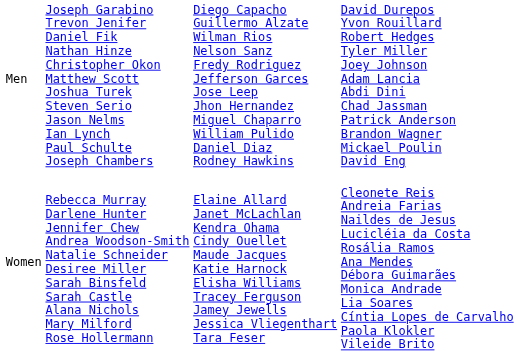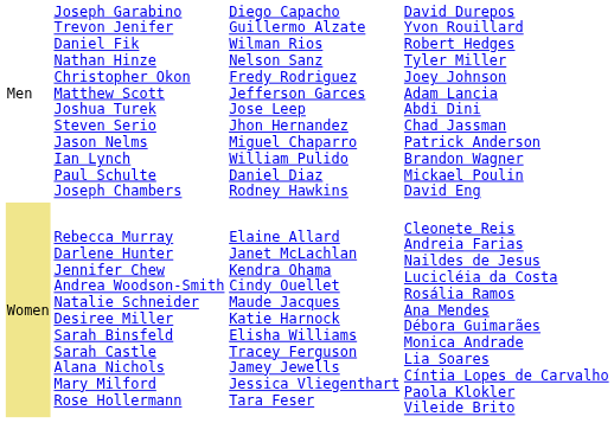 <table>
 <tr>
 <td>Men</td>
 <td><br><a href='#'>Joseph Garabino</a><br><a href='#'>Trevon Jenifer</a><br><a href='#'>Daniel Fik</a><br><a href='#'>Nathan Hinze</a><br><a href='#'>Christopher Okon</a><br><a href='#'>Matthew Scott</a><br><a href='#'>Joshua Turek</a><br><a href='#'>Steven Serio</a><br><a href='#'>Jason Nelms</a><br><a href='#'>Ian Lynch</a><br><a href='#'>Paul Schulte</a><br><a href='#'>Joseph Chambers</a></td>
 <td><br><a href='#'>Diego Capacho</a><br><a href='#'>Guillermo Alzate</a><br><a href='#'>Wilman Rios</a><br><a href='#'>Nelson Sanz</a><br><a href='#'>Fredy Rodriguez</a><br><a href='#'>Jefferson Garces</a><br><a href='#'>Jose Leep</a><br><a href='#'>Jhon Hernandez</a><br><a href='#'>Miguel Chaparro</a><br><a href='#'>William Pulido</a><br><a href='#'>Daniel Diaz</a><br><a href='#'>Rodney Hawkins</a></td>
 <td><br><a href='#'>David Durepos</a><br><a href='#'>Yvon Rouillard</a><br><a href='#'>Robert Hedges</a><br><a href='#'>Tyler Miller</a><br><a href='#'>Joey Johnson</a><br><a href='#'>Adam Lancia</a><br><a href='#'>Abdi Dini</a><br><a href='#'>Chad Jassman</a><br><a href='#'>Patrick Anderson</a><br><a href='#'>Brandon Wagner</a><br><a href='#'>Mickael Poulin</a><br><a href='#'>David Eng</a></td>
 </tr>
 <tr>
-<td>Women</td>
+<td style="background: khaki;">Women</td>
 <td><br><a href='#'>Rebecca Murray</a><br><a href='#'>Darlene Hunter</a><br><a href='#'>Jennifer Chew</a><br><a href='#'>Andrea Woodson-Smith</a><br><a href='#'>Natalie Schneider</a><br><a href='#'>Desiree Miller</a><br><a href='#'>Sarah Binsfeld</a><br><a href='#'>Sarah Castle</a><br><a href='#'>Alana Nichols</a><br><a href='#'>Mary Milford</a><br><a href='#'>Rose Hollermann</a></td>
 <td><br><a href='#'>Elaine Allard</a><br><a href='#'>Janet McLachlan</a><br><a href='#'>Kendra Ohama</a><br><a href='#'>Cindy Ouellet</a><br><a href='#'>Maude Jacques</a><br><a href='#'>Katie Harnock</a><br><a href='#'>Elisha Williams</a><br><a href='#'>Tracey Ferguson</a><br><a href='#'>Jamey Jewells</a><br><a href='#'>Jessica Vliegenthart</a><br><a href='#'>Tara Feser</a></td>
 <td><br><a href='#'>Cleonete Reis</a><br><a href='#'>Andreia Farias</a><br><a href='#'>Naildes de Jesus</a><br><a href='#'>Lucicléia da Costa</a><br><a href='#'>Rosália Ramos</a><br><a href='#'>Ana Mendes</a><br><a href='#'>Débora Guimarães</a><br><a href='#'>Monica Andrade</a><br><a href='#'>Lia Soares</a><br><a href='#'>Cíntia Lopes de Carvalho</a><br><a href='#'>Paola Klokler</a><br><a href='#'>Vileide Brito</a></td>
 </tr>
 </table>
